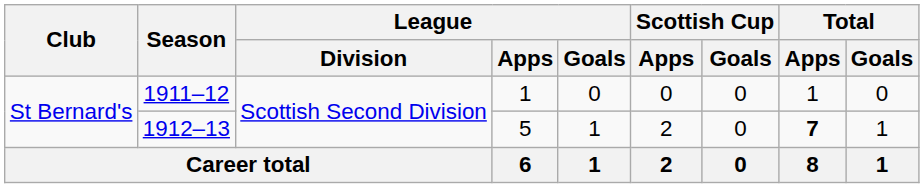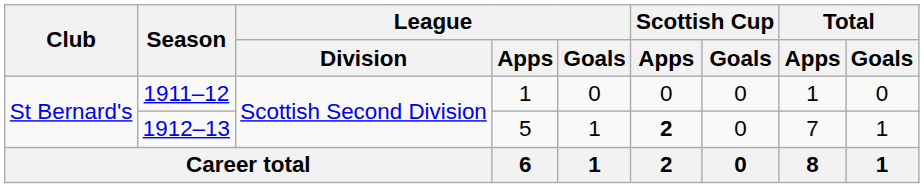 <table class="wikitable" style="text-align: center">
 <tr>
 <th rowspan="2">Club</th>
 <th rowspan="2">Season</th>
 <th colspan="3">League</th>
 <th colspan="2">Scottish Cup</th>
 <th colspan="2">Total</th>
 </tr>
 <tr>
 <th>Division</th>
 <th>Apps</th>
 <th>Goals</th>
 <th>Apps</th>
 <th>Goals</th>
 <th>Apps</th>
 <th>Goals</th>
 </tr>
 <tr>
 <td rowspan="2"><a href='#'>St Bernard's</a></td>
 <td><a href='#'>1911–12</a></td>
 <td rowspan="2"><a href='#'>Scottish Second Division</a></td>
 <td>1</td>
 <td>0</td>
 <td>0</td>
 <td>0</td>
 <td>1</td>
 <td>0</td>
 </tr>
 <tr>
 <td><a href='#'>1912–13</a></td>
 <td>5</td>
 <td>1</td>
-<td>2</td>
+<td><strong>2</strong></td>
 <td>0</td>
-<td><strong>7</strong></td>
+<td>7</td>
 <td>1</td>
 </tr>
 <tr>
 <th colspan="3">Career total</th>
 <th>6</th>
 <th>1</th>
 <th>2</th>
 <th>0</th>
 <th>8</th>
 <th>1</th>
 </tr>
 </table>
